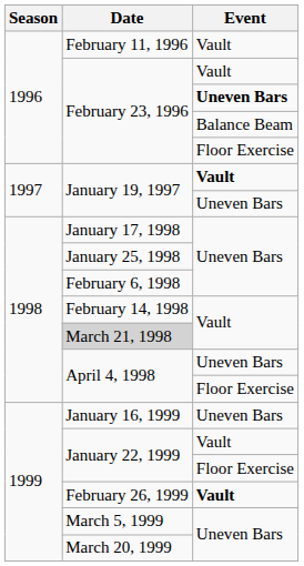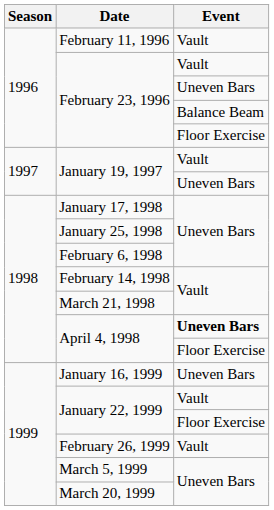 <table class="wikitable">
 <tr>
 <th>Season</th>
 <th>Date</th>
 <th>Event</th>
 </tr>
 <tr>
 <td rowspan="5">1996</td>
 <td>February 11, 1996</td>
 <td>Vault</td>
 </tr>
 <tr>
 <td rowspan="4">February 23, 1996</td>
 <td>Vault</td>
 </tr>
 <tr>
-<td><strong>Uneven Bars</strong></td>
+<td>Uneven Bars</td>
 </tr>
 <tr>
 <td>Balance Beam</td>
 </tr>
 <tr>
 <td>Floor Exercise</td>
 </tr>
 <tr>
 <td rowspan="2">1997</td>
 <td rowspan="2">January 19, 1997</td>
-<td><strong>Vault</strong></td>
+<td>Vault</td>
 </tr>
 <tr>
 <td>Uneven Bars</td>
 </tr>
 <tr>
 <td rowspan="7">1998</td>
 <td>January 17, 1998</td>
 <td rowspan="3">Uneven Bars</td>
 </tr>
 <tr>
 <td>January 25, 1998</td>
 </tr>
 <tr>
 <td>February 6, 1998</td>
 </tr>
 <tr>
 <td>February 14, 1998</td>
 <td rowspan="2">Vault</td>
 </tr>
 <tr>
-<td style="background: lightgrey;">March 21, 1998</td>
+<td>March 21, 1998</td>
 </tr>
 <tr>
 <td rowspan="2">April 4, 1998</td>
-<td>Uneven Bars</td>
+<td><strong>Uneven Bars</strong></td>
 </tr>
 <tr>
 <td>Floor Exercise</td>
 </tr>
 <tr>
 <td rowspan="6">1999</td>
 <td>January 16, 1999</td>
 <td>Uneven Bars</td>
 </tr>
 <tr>
 <td rowspan="2">January 22, 1999</td>
 <td>Vault</td>
 </tr>
 <tr>
 <td>Floor Exercise</td>
 </tr>
 <tr>
 <td>February 26, 1999</td>
-<td><strong>Vault</strong></td>
+<td>Vault</td>
 </tr>
 <tr>
 <td>March 5, 1999</td>
 <td rowspan="2">Uneven Bars</td>
 </tr>
 <tr>
 <td>March 20, 1999</td>
 </tr>
 </table>
